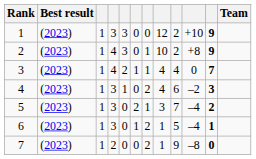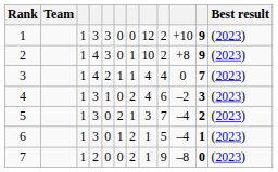 <table class="wikitable sortable" style="text-align:center">
 <tr>
 <th>Rank</th>
-<th>Best result</th>
+<th>Team</th>
 <th></th>
 <th></th>
 <th></th>
 <th></th>
 <th></th>
 <th></th>
 <th></th>
 <th></th>
 <th></th>
-<th>Team</th>
+<th>Best result</th>
 </tr>
 <tr>
 <td>1</td>
-<td style="text-align:left;"> (<a href='#'>2023</a>)</td>
+<td style="text-align:left;"></td>
 <td>1</td>
 <td>3</td>
 <td>3</td>
 <td>0</td>
 <td>0</td>
 <td>12</td>
 <td>2</td>
 <td>+10</td>
 <td><strong>9</strong></td>
-<td style="text-align:left;"></td>
+<td style="text-align:left;"> (<a href='#'>2023</a>)</td>
 </tr>
 <tr>
 <td>2</td>
-<td style="text-align:left;"> (<a href='#'>2023</a>)</td>
+<td style="text-align:left;"></td>
 <td>1</td>
 <td>4</td>
 <td>3</td>
 <td>0</td>
 <td>1</td>
 <td>10</td>
 <td>2</td>
 <td>+8</td>
 <td><strong>9</strong></td>
-<td style="text-align:left;"></td>
+<td style="text-align:left;"> (<a href='#'>2023</a>)</td>
 </tr>
 <tr>
 <td>3</td>
-<td style="text-align:left;"> (<a href='#'>2023</a>)</td>
+<td style="text-align:left;"></td>
 <td>1</td>
 <td>4</td>
 <td>2</td>
 <td>1</td>
 <td>1</td>
 <td>4</td>
 <td>4</td>
 <td>0</td>
 <td><strong>7</strong></td>
-<td style="text-align:left;"></td>
+<td style="text-align:left;"> (<a href='#'>2023</a>)</td>
 </tr>
 <tr>
 <td>4</td>
-<td style="text-align:left;"> (<a href='#'>2023</a>)</td>
+<td style="text-align:left;"></td>
 <td>1</td>
 <td>3</td>
 <td>1</td>
 <td>0</td>
 <td>2</td>
 <td>4</td>
 <td>6</td>
 <td>–2</td>
 <td><strong>3</strong></td>
-<td style="text-align:left;"></td>
+<td style="text-align:left;"> (<a href='#'>2023</a>)</td>
 </tr>
 <tr>
 <td>5</td>
-<td style="text-align:left;"> (<a href='#'>2023</a>)</td>
+<td style="text-align:left;"></td>
 <td>1</td>
 <td>3</td>
 <td>0</td>
 <td>2</td>
 <td>1</td>
 <td>3</td>
 <td>7</td>
 <td>–4</td>
 <td><strong>2</strong></td>
-<td style="text-align:left;"></td>
+<td style="text-align:left;"> (<a href='#'>2023</a>)</td>
 </tr>
 <tr>
 <td>6</td>
-<td style="text-align:left;"> (<a href='#'>2023</a>)</td>
+<td style="text-align:left;"></td>
 <td>1</td>
 <td>3</td>
 <td>0</td>
 <td>1</td>
 <td>2</td>
 <td>1</td>
 <td>5</td>
 <td>–4</td>
 <td><strong>1</strong></td>
-<td style="text-align:left;"></td>
+<td style="text-align:left;"> (<a href='#'>2023</a>)</td>
 </tr>
 <tr>
 <td>7</td>
-<td style="text-align:left;"> (<a href='#'>2023</a>)</td>
+<td style="text-align:left;"></td>
 <td>1</td>
 <td>2</td>
 <td>0</td>
 <td>0</td>
 <td>2</td>
 <td>1</td>
 <td>9</td>
 <td>–8</td>
 <td><strong>0</strong></td>
-<td style="text-align:left;"></td>
+<td style="text-align:left;"> (<a href='#'>2023</a>)</td>
 </tr>
 </table>
